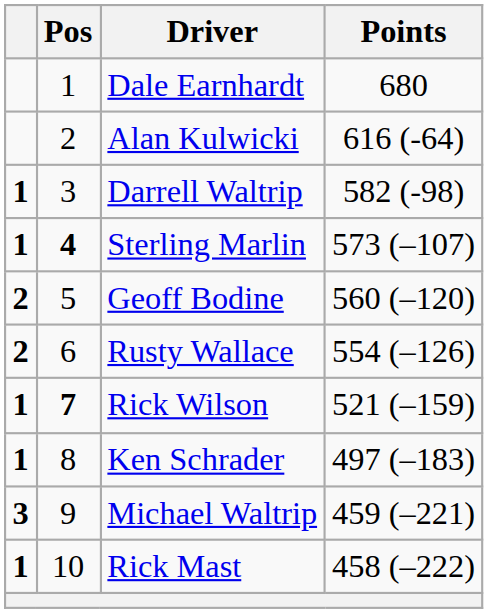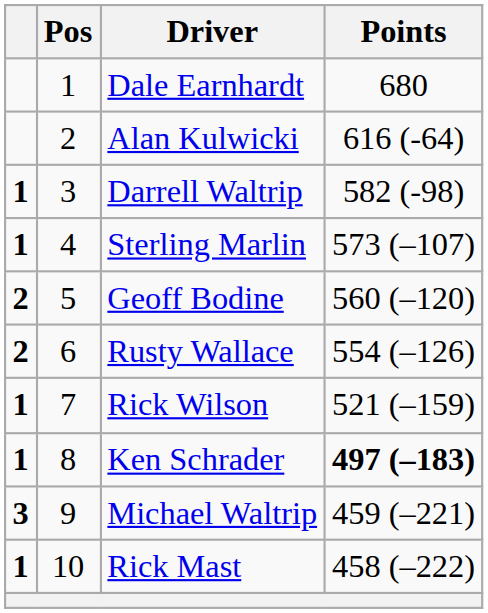 <table class="wikitable" style="font-size: 95%;">
 <tr>
 <th></th>
 <th>Pos</th>
 <th>Driver</th>
 <th>Points</th>
 </tr>
 <tr>
 <td align="left"></td>
 <td style="text-align:center;">1</td>
 <td><a href='#'>Dale Earnhardt</a></td>
 <td style="text-align:center;">680</td>
 </tr>
 <tr>
 <td align="left"></td>
 <td style="text-align:center;">2</td>
 <td><a href='#'>Alan Kulwicki</a></td>
 <td style="text-align:center;">616 (-64)</td>
 </tr>
 <tr>
 <td align="left">  <strong>1</strong></td>
 <td style="text-align:center;">3</td>
 <td><a href='#'>Darrell Waltrip</a></td>
 <td style="text-align:center;">582 (-98)</td>
 </tr>
 <tr>
 <td align="left">  <strong>1</strong></td>
-<td style="text-align:center;"><strong>4</strong></td>
+<td style="text-align:center;">4</td>
 <td><a href='#'>Sterling Marlin</a></td>
 <td style="text-align:center;">573 (–107)</td>
 </tr>
 <tr>
 <td align="left">  <strong>2</strong></td>
 <td style="text-align:center;">5</td>
 <td><a href='#'>Geoff Bodine</a></td>
 <td style="text-align:center;">560 (–120)</td>
 </tr>
 <tr>
 <td align="left">  <strong>2</strong></td>
 <td style="text-align:center;">6</td>
 <td><a href='#'>Rusty Wallace</a></td>
 <td style="text-align:center;">554 (–126)</td>
 </tr>
 <tr>
 <td align="left">  <strong>1</strong></td>
-<td style="text-align:center;"><strong>7</strong></td>
+<td style="text-align:center;">7</td>
 <td><a href='#'>Rick Wilson</a></td>
 <td style="text-align:center;">521 (–159)</td>
 </tr>
 <tr>
 <td align="left">  <strong>1</strong></td>
 <td style="text-align:center;">8</td>
 <td><a href='#'>Ken Schrader</a></td>
-<td style="text-align:center;">497 (–183)</td>
+<td style="text-align:center;"><strong>497 (–183)</strong></td>
 </tr>
 <tr>
 <td align="left">  <strong>3</strong></td>
 <td style="text-align:center;">9</td>
 <td><a href='#'>Michael Waltrip</a></td>
 <td style="text-align:center;">459 (–221)</td>
 </tr>
 <tr>
 <td align="left">  <strong>1</strong></td>
 <td style="text-align:center;">10</td>
 <td><a href='#'>Rick Mast</a></td>
 <td style="text-align:center;">458 (–222)</td>
 </tr>
 <tr class="sortbottom">
 <th colspan="9"></th>
 </tr>
 </table>
